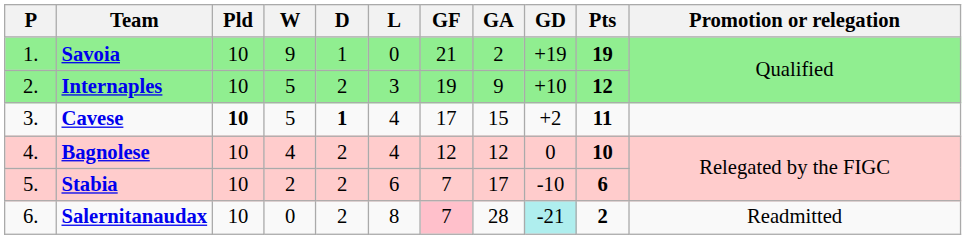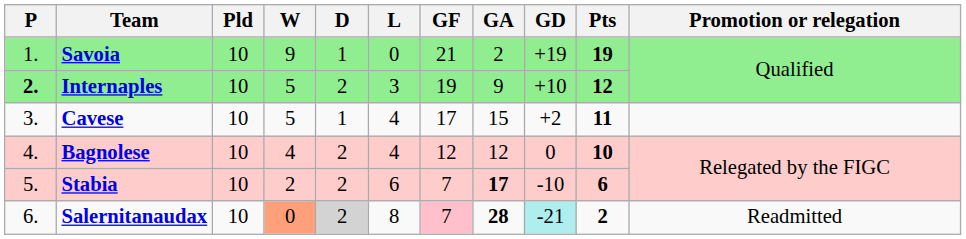 <table class="wikitable sortable" style="text-align: center;">
 <tr>
 <th width=33>P<br></th>
 <th>Team<br></th>
 <th width=33>Pld<br></th>
 <th width=33>W<br></th>
 <th width=33>D<br></th>
 <th width=33>L<br></th>
 <th width=33>GF<br></th>
 <th width=33>GA<br></th>
 <th width=33>GD<br></th>
 <th width=33>Pts<br></th>
 <th class="unsortable" width=250>Promotion or relegation<br></th>
 </tr>
 <tr style="background: #90EE90;">
 <td>1.</td>
 <td align="left"><strong><a href='#'>Savoia</a></strong></td>
 <td>10</td>
 <td>9</td>
 <td>1</td>
 <td>0</td>
 <td>21</td>
 <td>2</td>
 <td>+19</td>
 <td><strong>19</strong></td>
 <td rowspan="2">Qualified</td>
 </tr>
 <tr style="background: #90EE90;">
-<td>2.</td>
+<td><strong>2.</strong></td>
 <td align="left"><strong><a href='#'>Internaples</a></strong></td>
 <td>10</td>
 <td>5</td>
 <td>2</td>
 <td>3</td>
 <td>19</td>
 <td>9</td>
 <td>+10</td>
 <td><strong>12</strong></td>
 </tr>
 <tr>
 <td>3.</td>
 <td align="left"><strong><a href='#'>Cavese</a></strong></td>
-<td><strong>10</strong></td>
+<td>10</td>
 <td>5</td>
-<td><strong>1</strong></td>
+<td>1</td>
 <td>4</td>
 <td>17</td>
 <td>15</td>
 <td>+2</td>
 <td><strong>11</strong></td>
 </tr>
 <tr style="background:#FFCCCC">
 <td>4.</td>
 <td align="left"><strong><a href='#'>Bagnolese</a></strong></td>
 <td>10</td>
 <td>4</td>
 <td>2</td>
 <td>4</td>
 <td>12</td>
 <td>12</td>
 <td>0</td>
 <td><strong>10</strong></td>
 <td rowspan=2>Relegated by the FIGC</td>
 </tr>
 <tr style="background:#FFCCCC">
 <td>5.</td>
 <td align="left"><strong><a href='#'>Stabia</a></strong></td>
 <td>10</td>
 <td>2</td>
 <td>2</td>
 <td>6</td>
 <td>7</td>
-<td>17</td>
+<td><strong>17</strong></td>
 <td>-10</td>
 <td><strong>6</strong></td>
 </tr>
 <tr>
 <td>6.</td>
 <td align="left"><strong><a href='#'>Salernitanaudax</a></strong></td>
 <td>10</td>
-<td>0</td>
-<td>2</td>
+<td style="background: lightsalmon;">0</td>
+<td style="background: lightgrey;">2</td>
 <td>8</td>
 <td style="background: pink;">7</td>
-<td>28</td>
+<td><strong>28</strong></td>
 <td style="background: paleturquoise;">-21</td>
 <td><strong>2</strong></td>
 <td>Readmitted</td>
 </tr>
 </table>
